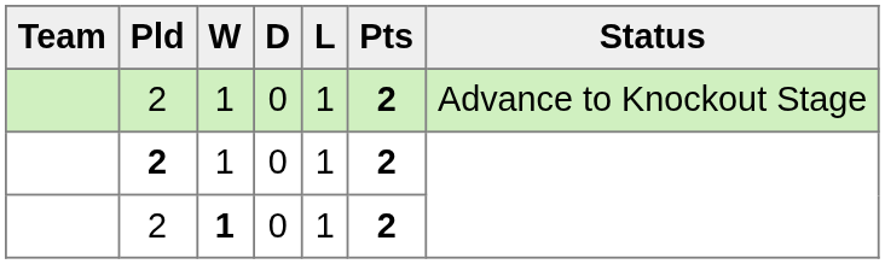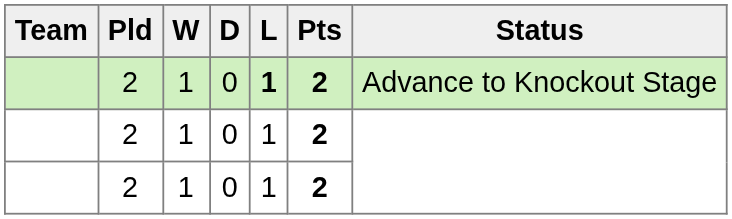 <table style=border-collapse:collapse border=1 cellspacing=0 cellpadding=5>
 <tr align=center bgcolor=#efefef>
 <th>Team</th>
 <th>Pld</th>
 <th>W</th>
 <th>D</th>
 <th>L</th>
 <th>Pts</th>
 <th>Status</th>
 </tr>
 <tr align=center style="background:#D0F0C0;">
 <td style="text-align:left;"> </td>
 <td>2</td>
 <td>1</td>
 <td>0</td>
-<td>1</td>
+<td><strong>1</strong></td>
 <td><strong>2</strong></td>
 <td rowspan=1>Advance to Knockout Stage</td>
 </tr>
 <tr align=center style="background:#FFFFFF;">
 <td style="text-align:left;"> </td>
-<td><strong>2</strong></td>
+<td>2</td>
 <td>1</td>
 <td>0</td>
 <td>1</td>
 <td><strong>2</strong></td>
 <td rowspan=2></td>
 </tr>
 <tr align=center style="background:#FFFFFF;">
 <td style="text-align:left;"> </td>
 <td>2</td>
-<td><strong>1</strong></td>
+<td>1</td>
 <td>0</td>
 <td>1</td>
 <td><strong>2</strong></td>
 </tr>
 </table>
